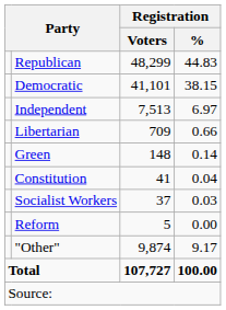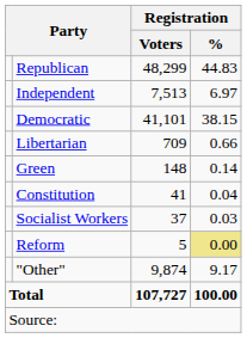 <table class="wikitable">
 <tr>
 <th colspan="2" rowspan="2">Party</th>
 <th colspan="2">Registration</th>
 </tr>
 <tr>
 <th>Voters</th>
 <th>%</th>
 </tr>
 <tr>
 <td style="background-color:"></td>
 <td><a href='#'>Republican</a></td>
 <td style="text-align:right;">48,299</td>
 <td style="text-align:right;">44.83</td>
 </tr>
 <tr>
 <td style="background-color:"></td>
+<td><a href='#'>Independent</a></td>
+<td style="text-align:right;">7,513</td>
+<td style="text-align:right;">6.97</td>
+</tr>
+<tr>
+<td style="background-color:"></td>
 <td><a href='#'>Democratic</a></td>
 <td style="text-align:right;">41,101</td>
 <td style="text-align:right;">38.15</td>
-</tr>
-<tr>
-<td style="background-color:"></td>
-<td><a href='#'>Independent</a></td>
-<td style="text-align:right;">7,513</td>
-<td style="text-align:right;">6.97</td>
 </tr>
 <tr>
 <td style="background-color:"></td>
 <td><a href='#'>Libertarian</a></td>
 <td style="text-align:right;">709</td>
 <td style="text-align:right;">0.66</td>
 </tr>
 <tr>
 <td style="background-color:"></td>
 <td><a href='#'>Green</a></td>
 <td style="text-align:right;">148</td>
 <td style="text-align:right;">0.14</td>
 </tr>
 <tr>
 <td style="background-color:"></td>
 <td><a href='#'>Constitution</a></td>
 <td style="text-align:right;">41</td>
 <td style="text-align:right;">0.04</td>
 </tr>
 <tr>
 <td style="background-color:"></td>
 <td><a href='#'>Socialist Workers</a></td>
 <td style="text-align:right;">37</td>
 <td style="text-align:right;">0.03</td>
 </tr>
 <tr>
 <td style="background-color:"></td>
 <td><a href='#'>Reform</a></td>
 <td style="text-align:right;">5</td>
-<td style="text-align:right;">0.00</td>
+<td style="background: khaki; text-align:right;">0.00</td>
 </tr>
 <tr>
 <td></td>
 <td>"Other"</td>
 <td style="text-align:right;">9,874</td>
 <td style="text-align:right;">9.17</td>
 </tr>
 <tr>
 <td colspan="2"><strong>Total</strong></td>
 <td style="text-align:right;"><strong>107,727</strong></td>
 <td style="text-align:right;"><strong>100.00</strong></td>
 </tr>
 <tr>
 <td colspan="4">Source: <em></em></td>
 </tr>
 </table>
